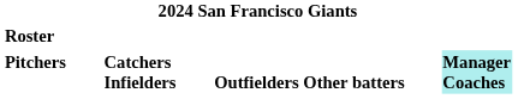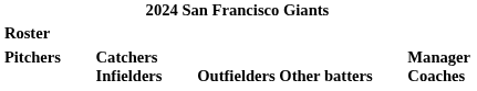 <table class="toccolours" style="font-size: 95%;">
 <tr>
 <th colspan="10">2024 San Francisco Giants</th>
 </tr>
 <tr>
 <td colspan="10"><strong>Roster</strong></td>
 </tr>
 <tr>
 <td valign="top"><strong>Pitchers</strong><br>                           </td>
 <td style="width:25px;"></td>
 <td valign="top"><strong>Catchers</strong><br>      <strong>Infielders</strong>             </td>
 <td style="width:25px;"></td>
 <td valign="top"><br><strong>Outfielders</strong>           <strong>Other batters</strong> </td>
 <td style="width:25px;"></td>
-<td valign="top" style="background: paleturquoise;"><strong>Manager</strong><br> <strong>Coaches</strong>                        </td>
+<td valign="top"><strong>Manager</strong><br> <strong>Coaches</strong>                        </td>
 </tr>
 </table>
